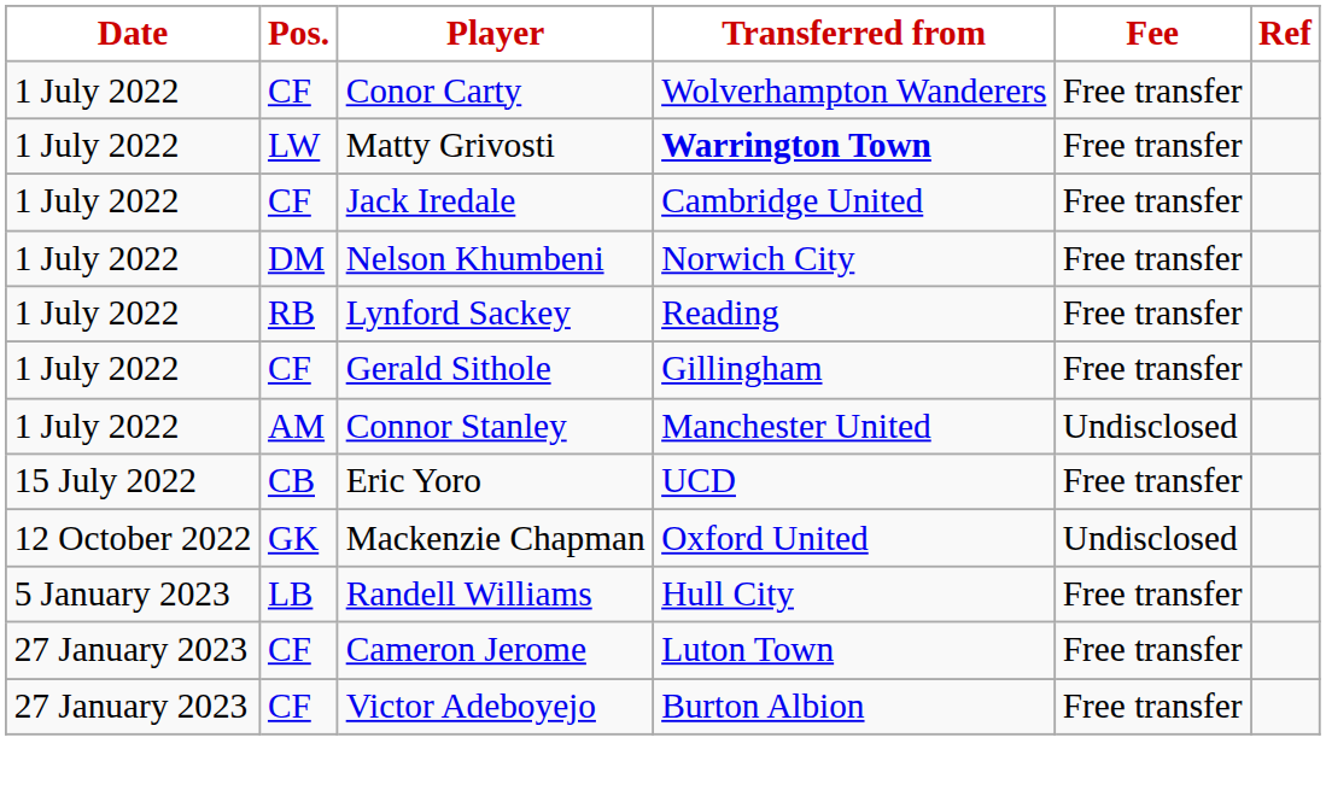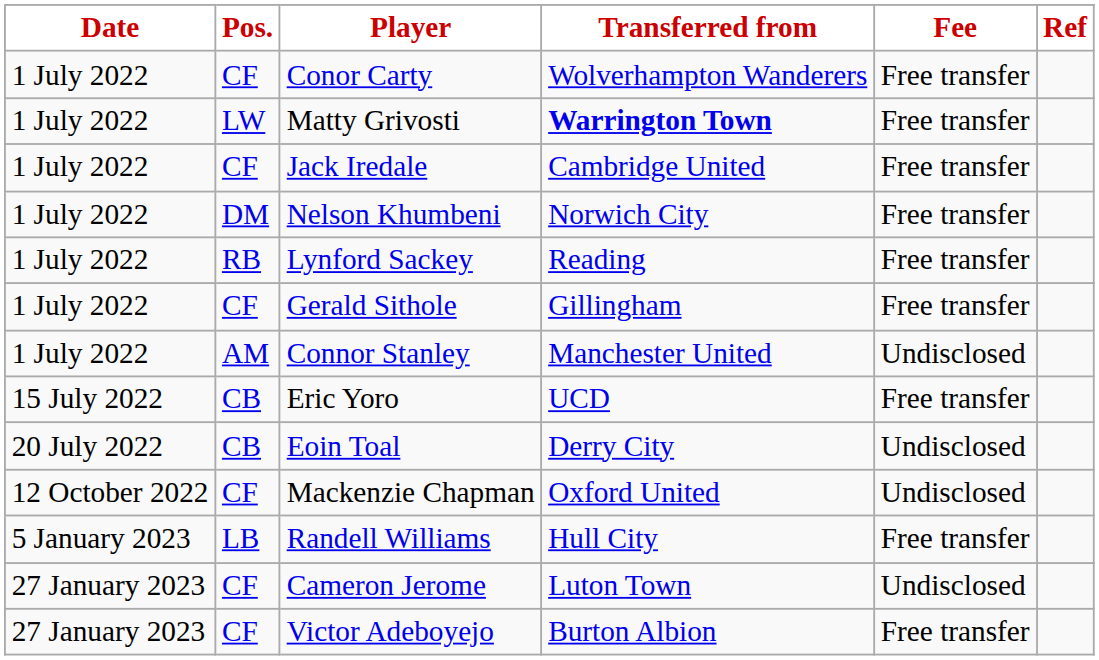 <table class="wikitable plainrowheaders sortable">
 <tr>
 <th style="background:#ffffff;color:#cc0000;">Date</th>
 <th style="background:#ffffff;color:#cc0000;">Pos.</th>
 <th style="background:#ffffff;color:#cc0000;">Player</th>
 <th style="background:#ffffff;color:#cc0000;">Transferred from</th>
 <th style="background:#ffffff;color:#cc0000;">Fee</th>
 <th style="background:#ffffff;color:#cc0000;">Ref</th>
 </tr>
 <tr>
 <td>1 July 2022</td>
 <td><a href='#'>CF</a></td>
 <td> <a href='#'>Conor Carty</a></td>
 <td> <a href='#'>Wolverhampton Wanderers</a></td>
 <td>Free transfer</td>
 <td></td>
 </tr>
 <tr>
 <td>1 July 2022</td>
 <td><a href='#'>LW</a></td>
 <td> Matty Grivosti</td>
 <td><strong> <a href='#'>Warrington Town</a></strong></td>
 <td>Free transfer</td>
 <td></td>
 </tr>
 <tr>
 <td>1 July 2022</td>
 <td><a href='#'>CF</a></td>
 <td> <a href='#'>Jack Iredale</a></td>
 <td> <a href='#'>Cambridge United</a></td>
 <td>Free transfer</td>
 <td></td>
 </tr>
 <tr>
 <td>1 July 2022</td>
 <td><a href='#'>DM</a></td>
 <td> <a href='#'>Nelson Khumbeni</a></td>
 <td> <a href='#'>Norwich City</a></td>
 <td>Free transfer</td>
 <td></td>
 </tr>
 <tr>
 <td>1 July 2022</td>
 <td><a href='#'>RB</a></td>
 <td> <a href='#'>Lynford Sackey</a></td>
 <td> <a href='#'>Reading</a></td>
 <td>Free transfer</td>
 <td></td>
 </tr>
 <tr>
 <td>1 July 2022</td>
 <td><a href='#'>CF</a></td>
 <td> <a href='#'>Gerald Sithole</a></td>
 <td> <a href='#'>Gillingham</a></td>
 <td>Free transfer</td>
 <td></td>
 </tr>
 <tr>
 <td>1 July 2022</td>
 <td><a href='#'>AM</a></td>
 <td> <a href='#'>Connor Stanley</a></td>
 <td> <a href='#'>Manchester United</a></td>
 <td>Undisclosed</td>
 <td></td>
 </tr>
 <tr>
 <td>15 July 2022</td>
 <td><a href='#'>CB</a></td>
 <td> Eric Yoro</td>
 <td> <a href='#'>UCD</a></td>
 <td>Free transfer</td>
 <td></td>
 </tr>
 <tr>
+<td>20 July 2022</td>
+<td><a href='#'>CB</a></td>
+<td> <a href='#'>Eoin Toal</a></td>
+<td> <a href='#'>Derry City</a></td>
+<td>Undisclosed</td>
+<td></td>
+</tr>
+<tr>
 <td>12 October 2022</td>
-<td><a href='#'>GK</a></td>
+<td><a href='#'>CF</a></td>
 <td> Mackenzie Chapman</td>
 <td> <a href='#'>Oxford United</a></td>
 <td>Undisclosed</td>
 <td></td>
 </tr>
 <tr>
 <td>5 January 2023</td>
 <td><a href='#'>LB</a></td>
 <td> <a href='#'>Randell Williams</a></td>
 <td> <a href='#'>Hull City</a></td>
 <td>Free transfer</td>
 <td></td>
 </tr>
 <tr>
 <td>27 January 2023</td>
 <td><a href='#'>CF</a></td>
 <td> <a href='#'>Cameron Jerome</a></td>
 <td> <a href='#'>Luton Town</a></td>
-<td>Free transfer</td>
+<td>Undisclosed</td>
 <td></td>
 </tr>
 <tr>
 <td>27 January 2023</td>
 <td><a href='#'>CF</a></td>
 <td> <a href='#'>Victor Adeboyejo</a></td>
 <td> <a href='#'>Burton Albion</a></td>
 <td>Free transfer</td>
 <td></td>
 </tr>
 </table>
